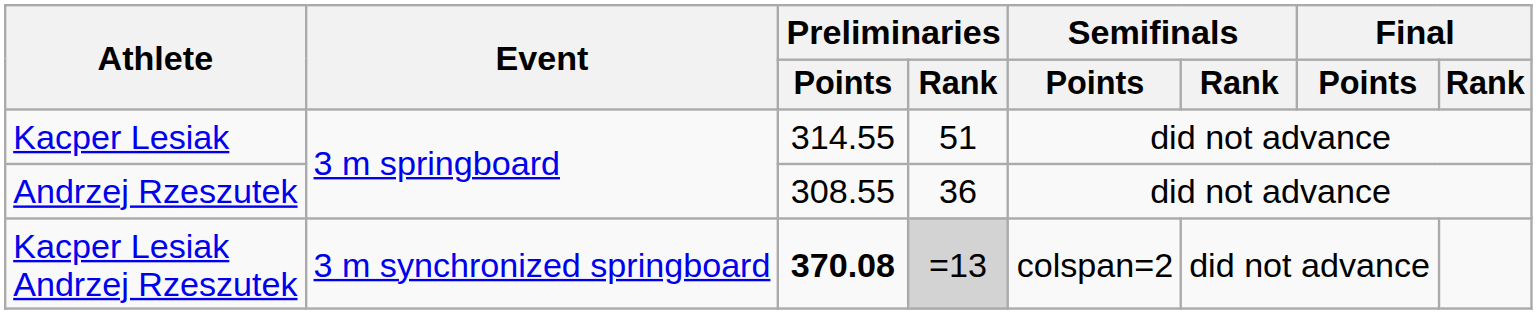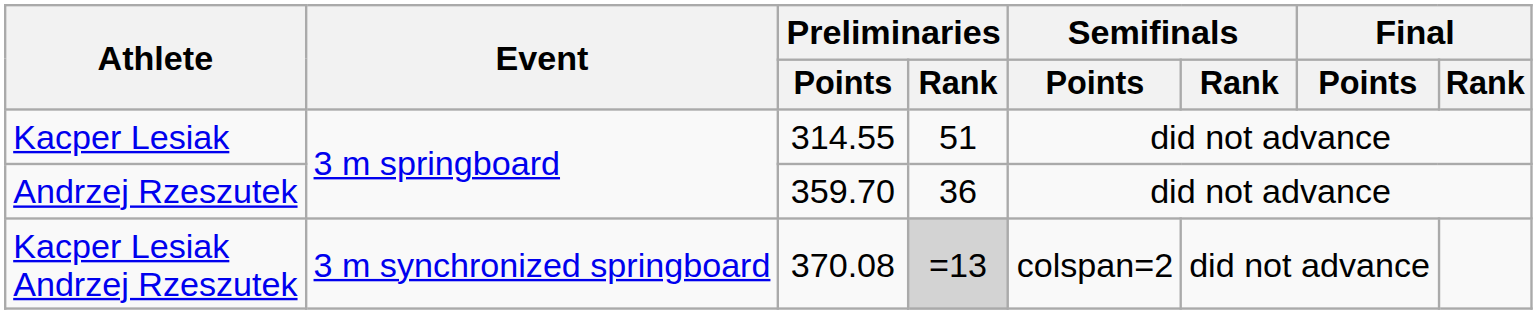 <table class=wikitable style="font-size:90%;">
 <tr>
 <th rowspan="2">Athlete</th>
 <th rowspan="2">Event</th>
 <th colspan="2">Preliminaries</th>
 <th colspan="2">Semifinals</th>
 <th colspan="2">Final</th>
 </tr>
 <tr style="font-size:95%">
 <th>Points</th>
 <th>Rank</th>
 <th>Points</th>
 <th>Rank</th>
 <th>Points</th>
 <th>Rank</th>
 </tr>
 <tr align=center>
 <td align=left><a href='#'>Kacper Lesiak</a></td>
 <td align=left rowspan=2><a href='#'>3 m springboard</a></td>
 <td>314.55</td>
 <td>51</td>
 <td colspan=4>did not advance</td>
 </tr>
 <tr align=center>
 <td align=left><a href='#'>Andrzej Rzeszutek</a></td>
-<td>308.55</td>
+<td>359.70</td>
 <td>36</td>
 <td colspan=4>did not advance</td>
 </tr>
 <tr align=center>
 <td align=left><a href='#'>Kacper Lesiak</a><br><a href='#'>Andrzej Rzeszutek</a></td>
 <td align=left><a href='#'>3 m synchronized springboard</a></td>
-<td><strong>370.08</strong></td>
+<td>370.08</td>
 <td style="background: lightgrey;">=13</td>
 <td>colspan=2 </td>
 <td colspan=2>did not advance</td>
 </tr>
 </table>
